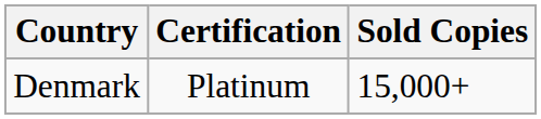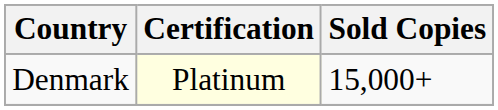 <table class="wikitable">
 <tr>
 <th align="left">Country</th>
 <th align="left">Certification</th>
 <th align="left">Sold Copies</th>
 </tr>
 <tr>
 <td align="center">Denmark</td>
-<td align="center">Platinum</td>
+<td align="center" style="background: lightyellow;">Platinum</td>
 <td>15,000+</td>
 </tr>
 <tr>
 </tr>
 </table>
